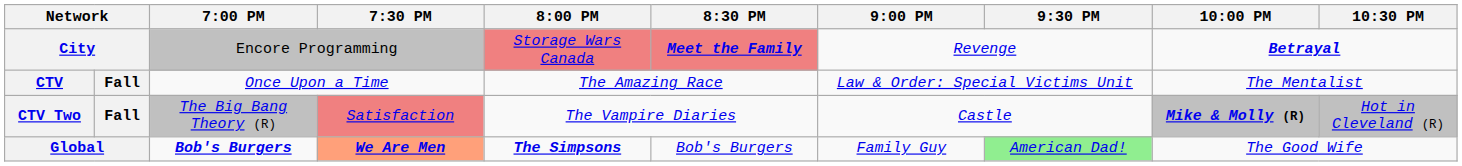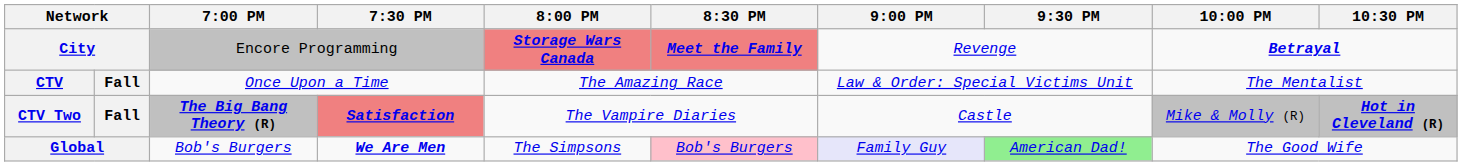 <table class="wikitable" style="width:100%;margin-right:0;text-align:center">
 <tr>
 <th colspan="2" style="width:10%;">Network</th>
 <th style="width:11.5%;">7:00 PM</th>
 <th style="width:11.5%;">7:30 PM</th>
 <th style="width:11.5%;">8:00 PM</th>
 <th style="width:11.5%;">8:30 PM</th>
 <th style="width:11.5%;">9:00 PM</th>
 <th style="width:11.5%;">9:30 PM</th>
 <th style="width:11.5%;">10:00 PM</th>
 <th style="width:11.5%;">10:30 PM</th>
 </tr>
 <tr>
 <th colspan="2"><a href='#'>City</a></th>
 <td style="background:silver;" colspan="2">Encore Programming</td>
-<td style="background:#f08080;"><em><a href='#'>Storage Wars Canada</a></em></td>
+<td style="background:#f08080;"><strong><em><a href='#'>Storage Wars Canada</a></em></strong></td>
 <td style="background:#f08080;"><strong><em><a href='#'>Meet the Family</a></em></strong></td>
 <td colspan="2"><em><a href='#'>Revenge</a></em></td>
 <td colspan="2"><strong><em><a href='#'>Betrayal</a></em></strong></td>
 </tr>
 <tr>
 <th colspan="1"><a href='#'>CTV</a></th>
 <th>Fall</th>
 <td colspan="2"><em><a href='#'>Once Upon a Time</a></em></td>
 <td colspan="2"><em><a href='#'>The Amazing Race</a></em></td>
 <td colspan="2"><em><a href='#'>Law & Order: Special Victims Unit</a></em></td>
 <td colspan="2"><em><a href='#'>The Mentalist</a></em></td>
 </tr>
 <tr>
 <th colspan="1"><a href='#'>CTV Two</a></th>
 <th>Fall</th>
-<td style="background:silver;"><em><a href='#'>The Big Bang Theory</a></em> <small>(R)</small></td>
-<td style="background:#f08080;"><em><a href='#'>Satisfaction</a></em></td>
+<td style="background:silver;"><strong><em><a href='#'>The Big Bang Theory</a></em> <small>(R)</small></strong></td>
+<td style="background:#f08080;"><strong><em><a href='#'>Satisfaction</a></em></strong></td>
 <td colspan="2"><em><a href='#'>The Vampire Diaries</a></em></td>
 <td colspan="2"><em><a href='#'>Castle</a></em></td>
-<td style="background:silver;"><strong><em><a href='#'>Mike & Molly</a></em> <small>(R)</small></strong></td>
-<td style="background:silver;"><em><a href='#'>Hot in Cleveland</a></em> <small>(R)</small></td>
+<td style="background:silver;"><em><a href='#'>Mike & Molly</a></em> <small>(R)</small></td>
+<td style="background:silver;"><strong><em><a href='#'>Hot in Cleveland</a></em> <small>(R)</small></strong></td>
 </tr>
 <tr>
 <th colspan="2"><a href='#'>Global</a></th>
-<td><strong><em><a href='#'>Bob's Burgers</a></em></strong></td>
-<td style="background: lightsalmon;"><strong><em><a href='#'>We Are Men</a></em></strong></td>
-<td><strong><em><a href='#'>The Simpsons</a></em></strong></td>
 <td><em><a href='#'>Bob's Burgers</a></em></td>
-<td><em><a href='#'>Family Guy</a></em></td>
+<td><strong><em><a href='#'>We Are Men</a></em></strong></td>
+<td><em><a href='#'>The Simpsons</a></em></td>
+<td style="background: pink;"><em><a href='#'>Bob's Burgers</a></em></td>
+<td style="background: lavender;"><em><a href='#'>Family Guy</a></em></td>
 <td style="background: lightgreen;"><em><a href='#'>American Dad!</a></em></td>
 <td colspan="2"><em><a href='#'>The Good Wife</a></em></td>
 </tr>
 </table>
